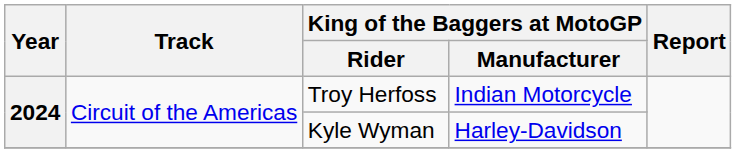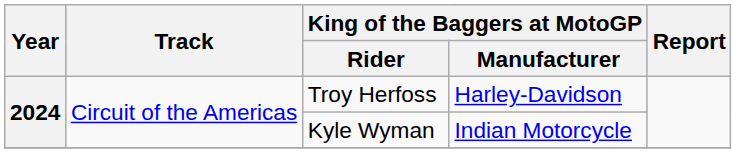 <table class="wikitable" style="font-size: 95%;">
 <tr>
 <th rowspan=2>Year</th>
 <th rowspan=2>Track</th>
 <th colspan=2>King of the Baggers at MotoGP</th>
 <th rowspan=2>Report</th>
 </tr>
 <tr>
 <th>Rider</th>
 <th>Manufacturer</th>
 </tr>
 <tr>
 <th rowspan=2>2024</th>
 <td Rowspan=2><a href='#'>Circuit of the Americas</a></td>
 <td> Troy Herfoss</td>
-<td><a href='#'>Indian Motorcycle</a></td>
+<td><a href='#'>Harley-Davidson</a></td>
 <td rowspan="2"></td>
 </tr>
 <tr>
 <td> Kyle Wyman</td>
-<td><a href='#'>Harley-Davidson</a></td>
+<td><a href='#'>Indian Motorcycle</a></td>
 </tr>
 <tr>
 </tr>
 </table>
